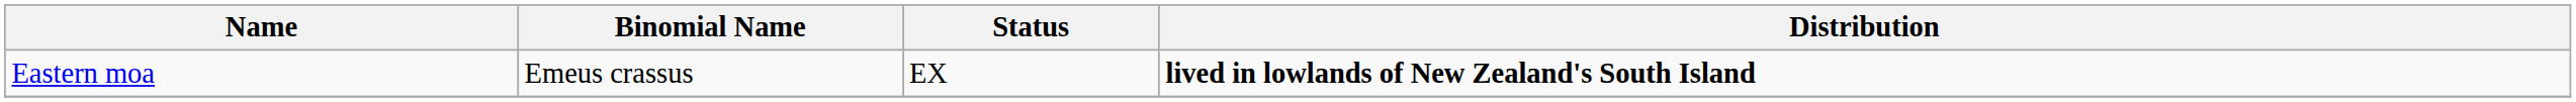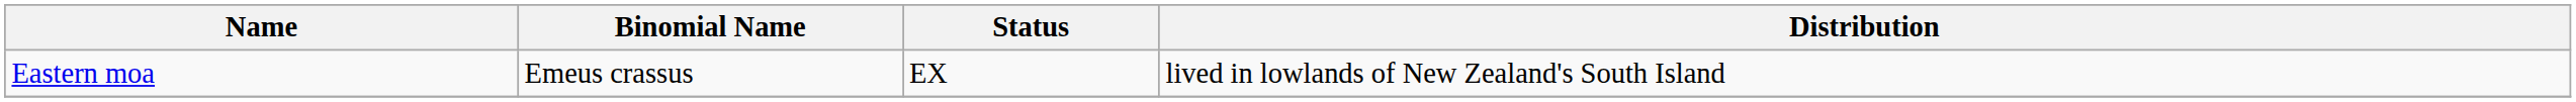 <table class="wikitable" style="width:90%">
 <tr>
 <th style="width:20%">Name</th>
 <th style="width:15%">Binomial Name</th>
 <th style="width:10%">Status</th>
 <th>Distribution</th>
 </tr>
 <tr>
 <td><a href='#'>Eastern moa</a></td>
 <td>Emeus crassus</td>
 <td>EX</td>
-<td><strong>lived in lowlands of New Zealand's South Island</strong></td>
+<td>lived in lowlands of New Zealand's South Island</td>
 </tr>
 <tr>
 </tr>
 </table>
